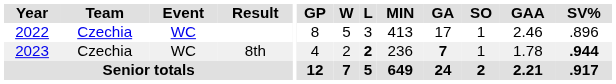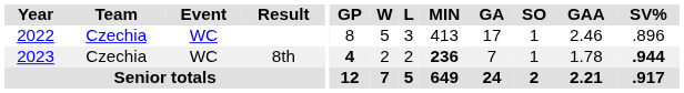 <table border="0" cellpadding="1" cellspacing="0" ID="Table3" style="text-align:center; width:40em;">
 <tr ALIGN="center" bgcolor="#e0e0e0">
 <th>Year</th>
 <th>Team</th>
 <th>Event</th>
 <th>Result</th>
 <th rowspan="99" bgcolor="#ffffff"></th>
 <th>GP</th>
 <th>W</th>
 <th>L</th>
 <th>MIN</th>
 <th>GA</th>
 <th>SO</th>
 <th>GAA</th>
 <th>SV%</th>
 </tr>
 <tr>
 <td><a href='#'>2022</a></td>
 <td><a href='#'>Czechia</a></td>
 <td><a href='#'>WC</a></td>
 <td></td>
 <td>8</td>
 <td>5</td>
 <td>3</td>
 <td>413</td>
 <td>17</td>
 <td>1</td>
 <td>2.46</td>
 <td>.896</td>
 </tr>
 <tr bgcolor="#f0f0f0">
 <td><a href='#'>2023</a></td>
 <td>Czechia</td>
 <td>WC</td>
 <td>8th</td>
-<td>4</td>
+<td><strong>4</strong></td>
 <td>2</td>
-<td><strong>2</strong></td>
-<td>236</td>
-<td><strong>7</strong></td>
+<td>2</td>
+<td><strong>236</strong></td>
+<td>7</td>
 <td>1</td>
 <td>1.78</td>
 <td><strong>.944</strong></td>
 </tr>
 <tr bgcolor="#e0e0e0">
 <th colspan="4">Senior totals</th>
 <th>12</th>
 <th>7</th>
 <th>5</th>
 <th>649</th>
 <th>24</th>
 <th>2</th>
 <th>2.21</th>
 <th>.917</th>
 </tr>
 </table>
